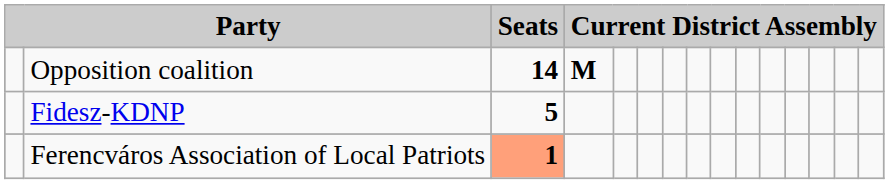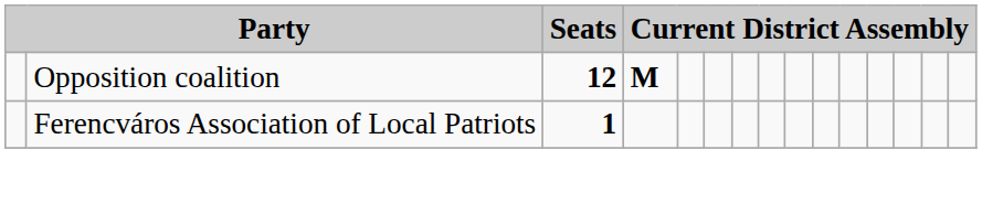 <table class="wikitable">
 <tr>
 <th style="background:#ccc" colspan="2">Party</th>
 <th style="background:#ccc">Seats</th>
 <th style="background:#ccc" colspan="12">Current District Assembly</th>
 </tr>
 <tr>
 <td style="background-color: "> </td>
 <td>Opposition coalition</td>
-<td style="text-align: right"><strong>14</strong></td>
+<td style="text-align: right"><strong>12</strong></td>
 <td style="background-color: "><span><strong>M</strong></span></td>
 <td style="background-color: "> </td>
 <td style="background-color: "> </td>
 <td style="background-color: "> </td>
 <td style="background-color: "> </td>
 <td style="background-color: "> </td>
 <td style="background-color: "> </td>
 <td style="background-color: "> </td>
 <td style="background-color: "> </td>
 <td style="background-color: "> </td>
 <td style="background-color: "> </td>
 <td style="background-color: "> </td>
 </tr>
 <tr>
-<td style="background-color: "> </td>
-<td><a href='#'>Fidesz</a>-<a href='#'>KDNP</a></td>
-<td style="text-align: right"><strong>5</strong></td>
-<td style="background-color: "> </td>
-<td style="background-color: "> </td>
-<td style="background-color: "> </td>
-<td style="background-color: "> </td>
-<td style="background-color: "> </td>
-<td> </td>
-<td> </td>
-<td> </td>
-<td> </td>
-<td> </td>
-<td> </td>
-<td> </td>
-</tr>
-<tr>
 <td #2E8B57> </td>
 <td>Ferencváros Association of Local Patriots</td>
-<td style="background: lightsalmon; text-align: right"><strong>1</strong></td>
+<td style="text-align: right"><strong>1</strong></td>
 <td #2E8B57> </td>
 <td> </td>
 <td> </td>
 <td> </td>
 <td> </td>
 <td> </td>
 <td> </td>
 <td> </td>
 <td> </td>
 <td> </td>
 <td> </td>
 <td> </td>
 </tr>
 </table>
